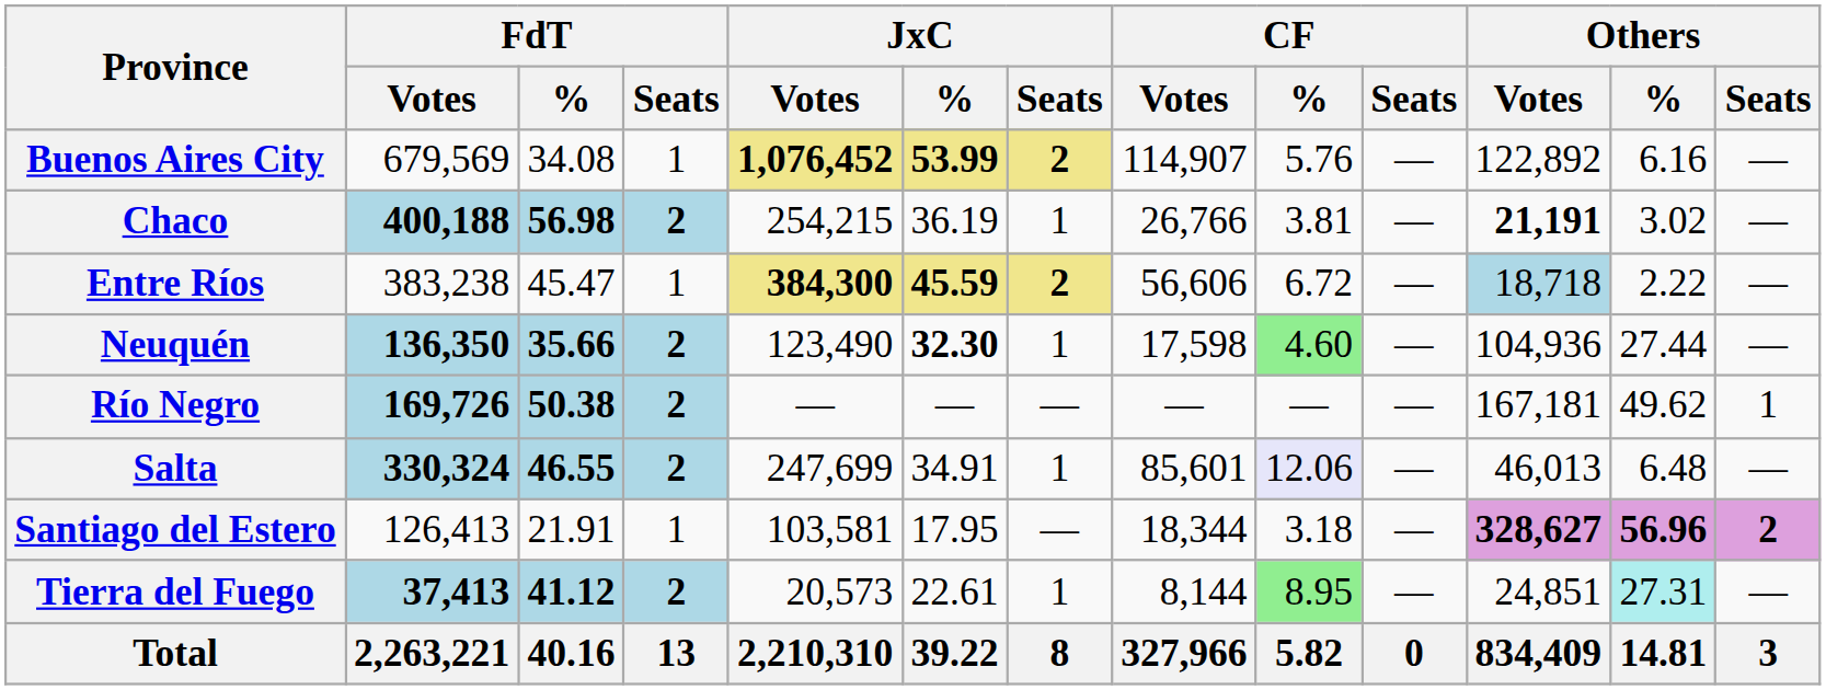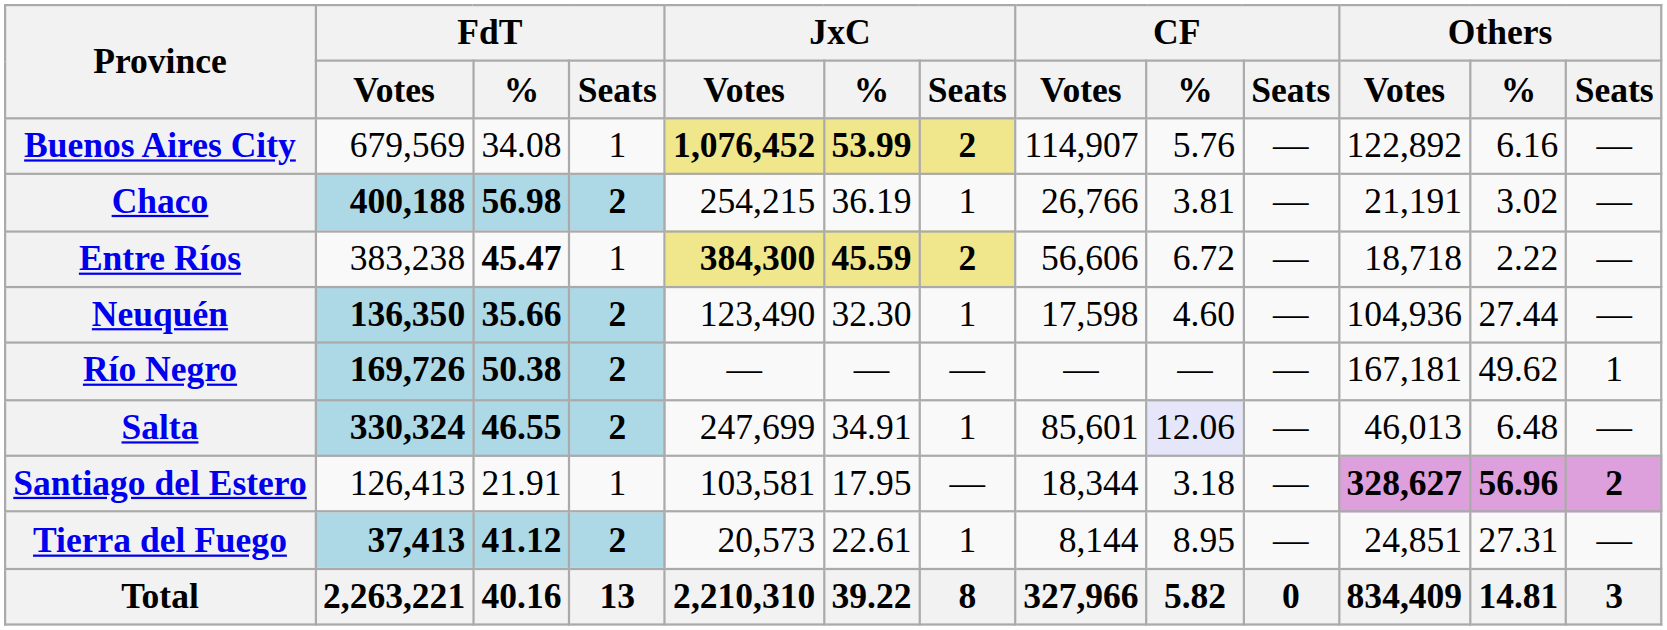 <table class="wikitable sortable plainrowheaders" style="text-align:right;">
 <tr>
 <th rowspan=2>Province</th>
 <th colspan=3>FdT</th>
 <th colspan=3>JxC</th>
 <th colspan=3>CF</th>
 <th colspan=3>Others</th>
 </tr>
 <tr>
 <th>Votes</th>
 <th>%</th>
 <th>Seats</th>
 <th>Votes</th>
 <th>%</th>
 <th>Seats</th>
 <th>Votes</th>
 <th>%</th>
 <th>Seats</th>
 <th>Votes</th>
 <th>%</th>
 <th>Seats</th>
 </tr>
 <tr>
 <th scope=row><a href='#'>Buenos Aires City</a></th>
 <td>679,569</td>
 <td>34.08</td>
 <td align=center>1</td>
 <td bgcolor=khaki><strong>1,076,452</strong></td>
 <td bgcolor=khaki><strong>53.99</strong></td>
 <td bgcolor=khaki align=center><strong>2</strong></td>
 <td>114,907</td>
 <td>5.76</td>
 <td align=center>—</td>
 <td>122,892</td>
 <td>6.16</td>
 <td align=center>—</td>
 </tr>
 <tr>
 <th scope=row><a href='#'>Chaco</a></th>
 <td bgcolor=lightblue><strong>400,188</strong></td>
 <td bgcolor=lightblue><strong>56.98</strong></td>
 <td bgcolor=lightblue align=center><strong>2</strong></td>
 <td>254,215</td>
 <td>36.19</td>
 <td align=center>1</td>
 <td>26,766</td>
 <td>3.81</td>
 <td align=center>—</td>
-<td><strong>21,191</strong></td>
+<td>21,191</td>
 <td>3.02</td>
 <td align=center>—</td>
 </tr>
 <tr>
 <th scope=row><a href='#'>Entre Ríos</a></th>
 <td>383,238</td>
-<td>45.47</td>
+<td><strong>45.47</strong></td>
 <td align=center>1</td>
 <td bgcolor=khaki><strong>384,300</strong></td>
 <td bgcolor=khaki><strong>45.59</strong></td>
 <td bgcolor=khaki align=center><strong>2</strong></td>
 <td>56,606</td>
 <td>6.72</td>
 <td align=center>—</td>
-<td style="background: lightblue;">18,718</td>
+<td>18,718</td>
 <td>2.22</td>
 <td align=center>—</td>
 </tr>
 <tr>
 <th scope=row><a href='#'>Neuquén</a></th>
 <td bgcolor=lightblue><strong>136,350</strong></td>
 <td bgcolor=lightblue><strong>35.66</strong></td>
 <td bgcolor=lightblue align=center><strong>2</strong></td>
 <td>123,490</td>
-<td><strong>32.30</strong></td>
+<td>32.30</td>
 <td align=center>1</td>
 <td>17,598</td>
-<td style="background: lightgreen;">4.60</td>
+<td>4.60</td>
 <td align=center>—</td>
 <td>104,936</td>
 <td>27.44</td>
 <td align=center>—</td>
 </tr>
 <tr>
 <th scope=row><a href='#'>Río Negro</a></th>
 <td bgcolor=lightblue><strong>169,726</strong></td>
 <td bgcolor=lightblue><strong>50.38</strong></td>
 <td bgcolor=lightblue align=center><strong>2</strong></td>
 <td align=center>—</td>
 <td align=center>—</td>
 <td align=center>—</td>
 <td align=center>—</td>
 <td align=center>—</td>
 <td align=center>—</td>
 <td>167,181</td>
 <td>49.62</td>
 <td align=center>1</td>
 </tr>
 <tr>
 <th scope=row><a href='#'>Salta</a></th>
 <td bgcolor=lightblue><strong>330,324</strong></td>
 <td bgcolor=lightblue><strong>46.55</strong></td>
 <td bgcolor=lightblue align=center><strong>2</strong></td>
 <td>247,699</td>
 <td>34.91</td>
 <td align=center>1</td>
 <td>85,601</td>
 <td style="background: lavender;">12.06</td>
 <td align=center>—</td>
 <td>46,013</td>
 <td>6.48</td>
 <td align=center>—</td>
 </tr>
 <tr>
 <th scope=row><a href='#'>Santiago del Estero</a></th>
 <td>126,413</td>
 <td>21.91</td>
 <td align=center>1</td>
 <td>103,581</td>
 <td>17.95</td>
 <td align=center>—</td>
 <td>18,344</td>
 <td>3.18</td>
 <td align=center>—</td>
 <td bgcolor=Plum><strong>328,627</strong></td>
 <td bgcolor=Plum><strong>56.96</strong></td>
 <td bgcolor=Plum align=center><strong>2</strong></td>
 </tr>
 <tr>
 <th scope=row><a href='#'>Tierra del Fuego</a></th>
 <td bgcolor=lightblue><strong>37,413</strong></td>
 <td bgcolor=lightblue><strong>41.12</strong></td>
 <td bgcolor=lightblue align=center><strong>2</strong></td>
 <td>20,573</td>
 <td>22.61</td>
 <td align=center>1</td>
 <td>8,144</td>
-<td style="background: lightgreen;">8.95</td>
+<td>8.95</td>
 <td align=center>—</td>
 <td>24,851</td>
-<td style="background: paleturquoise;">27.31</td>
+<td>27.31</td>
 <td align=center>—</td>
 </tr>
 <tr>
 <th>Total</th>
 <th>2,263,221</th>
 <th>40.16</th>
 <th>13</th>
 <th>2,210,310</th>
 <th>39.22</th>
 <th>8</th>
 <th>327,966</th>
 <th>5.82</th>
 <th>0</th>
 <th>834,409</th>
 <th>14.81</th>
 <th>3</th>
 </tr>
 </table>
